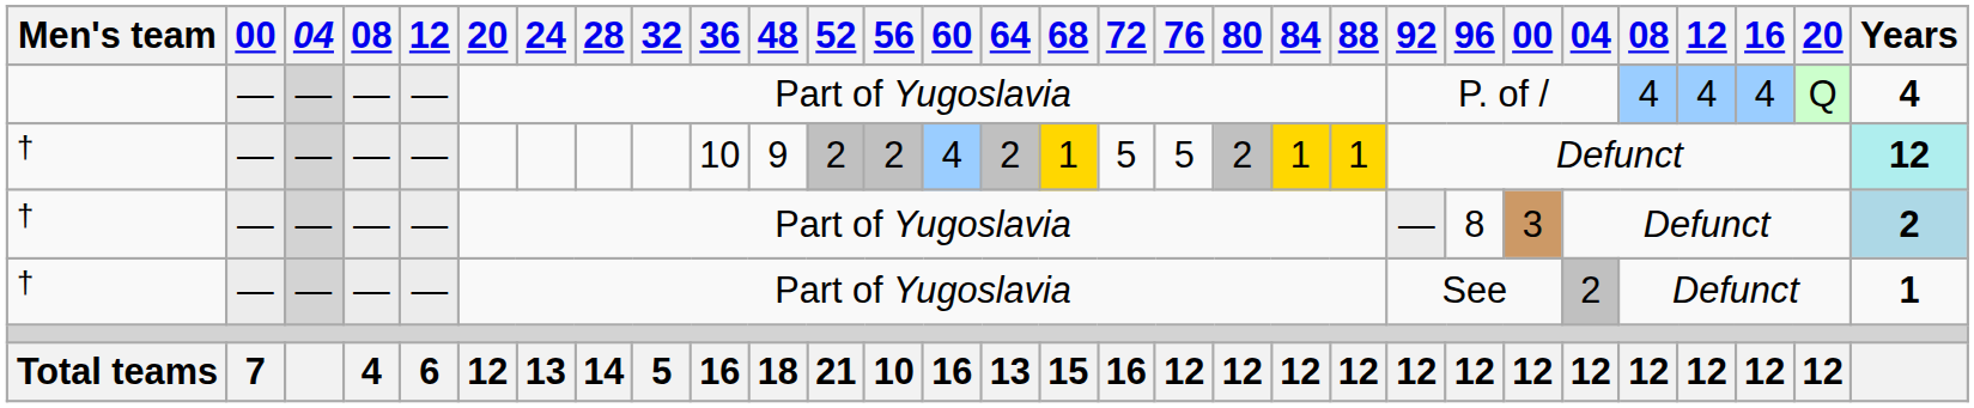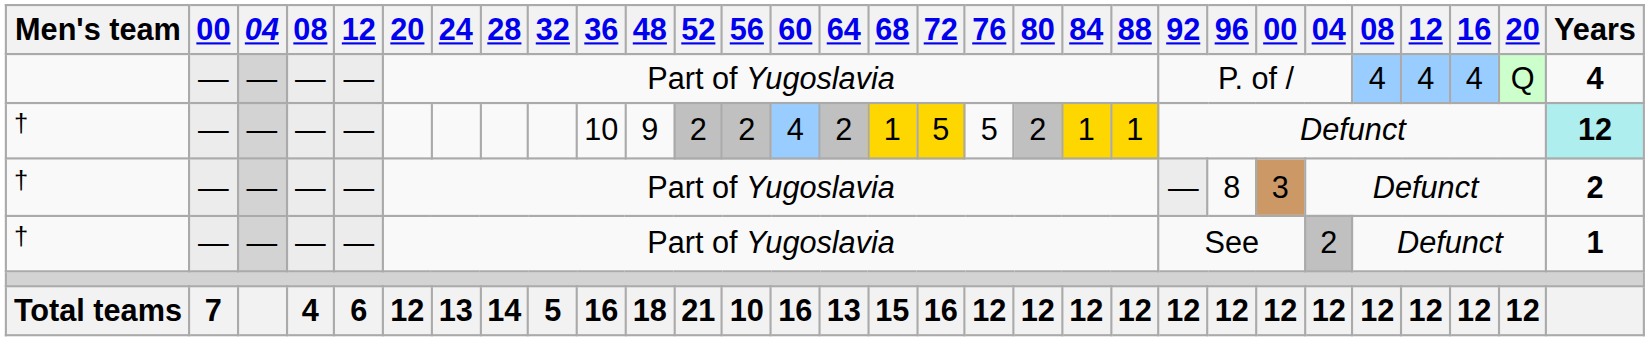 <table class="wikitable" style="text-align: center; font-size: 90%; margin-left: 1em;">
 <tr>
 <th>Men's team</th>
 <th><a href='#'>00</a></th>
 <th><em><a href='#'>04</a></em></th>
 <th><a href='#'>08</a></th>
 <th><a href='#'>12</a></th>
 <th><a href='#'>20</a></th>
 <th><a href='#'>24</a></th>
 <th><a href='#'>28</a></th>
 <th><a href='#'>32</a></th>
 <th><a href='#'>36</a></th>
 <th><a href='#'>48</a></th>
 <th><a href='#'>52</a></th>
 <th><a href='#'>56</a></th>
 <th><a href='#'>60</a></th>
 <th><a href='#'>64</a></th>
 <th><a href='#'>68</a></th>
 <th><a href='#'>72</a></th>
 <th><a href='#'>76</a></th>
 <th><a href='#'>80</a></th>
 <th><a href='#'>84</a></th>
 <th><a href='#'>88</a></th>
 <th><a href='#'>92</a></th>
 <th><a href='#'>96</a></th>
 <th><a href='#'>00</a></th>
 <th><a href='#'>04</a></th>
 <th><a href='#'>08</a></th>
 <th><a href='#'>12</a></th>
 <th><a href='#'>16</a></th>
 <th><a href='#'>20</a></th>
 <th>Years</th>
 </tr>
 <tr>
 <td style="text-align: left;"></td>
 <td style="background-color: #ececec;">—</td>
 <td style="background-color: lightgray;">—</td>
 <td style="background-color: #ececec;">—</td>
 <td style="background-color: #ececec;">—</td>
 <td colspan="16">Part of <em>Yugoslavia</em></td>
 <td colspan="4">P. of <em></em> / <em></em></td>
 <td style="background-color: #9acdff;">4</td>
 <td style="background-color: #9acdff;">4</td>
 <td style="background-color: #9acdff;">4</td>
 <td style="background-color: #ccffcc;">Q</td>
 <td><strong>4</strong></td>
 </tr>
 <tr>
 <td style="text-align: left;"><em></em><sup>†</sup></td>
 <td style="background-color: #ececec;">—</td>
 <td style="background-color: lightgray;">—</td>
 <td style="background-color: #ececec;">—</td>
 <td style="background-color: #ececec;">—</td>
 <td></td>
 <td></td>
 <td></td>
 <td></td>
 <td>10</td>
 <td>9</td>
 <td style="background-color: silver;">2</td>
 <td style="background-color: silver;">2</td>
 <td style="background-color: #9acdff;">4</td>
 <td style="background-color: silver;">2</td>
 <td style="background-color: gold;">1</td>
-<td>5</td>
+<td style="background: gold;">5</td>
 <td>5</td>
 <td style="background-color: silver;">2</td>
 <td style="background-color: gold;">1</td>
 <td style="background-color: gold;">1</td>
 <td colspan="8"><em>Defunct</em></td>
 <td style="background: paleturquoise;"><strong>12</strong></td>
 </tr>
 <tr>
 <td style="text-align: left;"><em></em><sup>†</sup></td>
 <td style="background-color: #ececec;">—</td>
 <td style="background-color: lightgray;">—</td>
 <td style="background-color: #ececec;">—</td>
 <td style="background-color: #ececec;">—</td>
 <td colspan="16">Part of <em>Yugoslavia</em></td>
 <td style="background-color: #ececec;">—</td>
 <td>8</td>
 <td style="background-color: #cc9966;">3</td>
 <td colspan="5"><em>Defunct</em></td>
-<td style="background: lightblue;"><strong>2</strong></td>
+<td><strong>2</strong></td>
 </tr>
 <tr>
 <td style="text-align: left;"><em></em><sup>†</sup></td>
 <td style="background-color: #ececec;">—</td>
 <td style="background-color: lightgray;">—</td>
 <td style="background-color: #ececec;">—</td>
 <td style="background-color: #ececec;">—</td>
 <td colspan="16">Part of <em>Yugoslavia</em></td>
 <td colspan="3">See <em></em></td>
 <td style="background-color: silver;">2</td>
 <td colspan="4"><em>Defunct</em></td>
 <td><strong>1</strong></td>
 </tr>
 <tr style="background-color: lightgrey;">
 <td colspan="30"></td>
 </tr>
 <tr>
 <th>Total teams</th>
 <th>7</th>
 <th></th>
 <th>4</th>
 <th>6</th>
 <th>12</th>
 <th>13</th>
 <th>14</th>
 <th>5</th>
 <th>16</th>
 <th>18</th>
 <th>21</th>
 <th>10</th>
 <th>16</th>
 <th>13</th>
 <th>15</th>
 <th>16</th>
 <th>12</th>
 <th>12</th>
 <th>12</th>
 <th>12</th>
 <th>12</th>
 <th>12</th>
 <th>12</th>
 <th>12</th>
 <th>12</th>
 <th>12</th>
 <th>12</th>
 <th>12</th>
 <th></th>
 </tr>
 </table>
